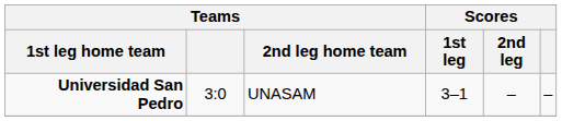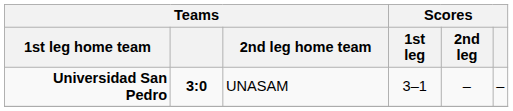 <table class="wikitable" style="text-align: center;">
 <tr>
 <th colspan=3>Teams</th>
 <th colspan=3>Scores</th>
 </tr>
 <tr>
 <th width="175">1st leg home team</th>
 <th width="50"></th>
 <th width="175">2nd leg home team</th>
 <th width="50">1st leg</th>
 <th width="50">2nd leg</th>
 <th></th>
 </tr>
 <tr>
 <td align=right><strong>Universidad San Pedro</strong></td>
-<td>3:0</td>
+<td><strong>3:0</strong></td>
 <td align=left>UNASAM</td>
 <td>3–1</td>
 <td>–</td>
 <td>–</td>
 </tr>
 <tr>
 </tr>
 </table>
